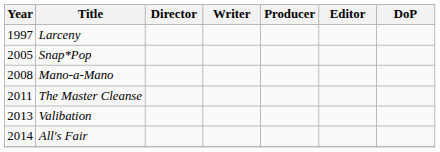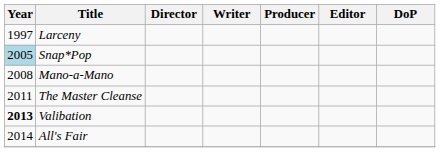 <table class="wikitable">
 <tr>
 <th>Year</th>
 <th>Title</th>
 <th style="width:65px;">Director</th>
 <th style="width:65px;">Writer</th>
 <th style="width:65px;">Producer</th>
 <th style="width:65px;">Editor</th>
 <th style="width:65px;">DoP</th>
 </tr>
 <tr>
 <td>1997</td>
 <td><em>Larceny</em></td>
 <td></td>
 <td></td>
 <td></td>
 <td></td>
 <td></td>
 </tr>
 <tr>
-<td>2005</td>
+<td style="background: lightblue;">2005</td>
 <td><em>Snap*Pop</em></td>
 <td></td>
 <td></td>
 <td></td>
 <td></td>
 <td></td>
 </tr>
 <tr>
 <td>2008</td>
 <td><em>Mano-a-Mano</em></td>
 <td></td>
 <td></td>
 <td></td>
 <td></td>
 <td></td>
 </tr>
 <tr>
 <td>2011</td>
 <td><em>The Master Cleanse</em></td>
 <td></td>
 <td></td>
 <td></td>
 <td></td>
 <td></td>
 </tr>
 <tr>
-<td>2013</td>
+<td><strong>2013</strong></td>
 <td><em>Valibation</em></td>
 <td></td>
 <td></td>
 <td></td>
 <td></td>
 <td></td>
 </tr>
 <tr>
 <td>2014</td>
 <td><em>All's Fair</em></td>
 <td></td>
 <td></td>
 <td></td>
 <td></td>
 <td></td>
 </tr>
 <tr>
 </tr>
 </table>
